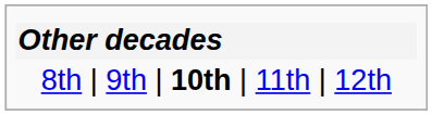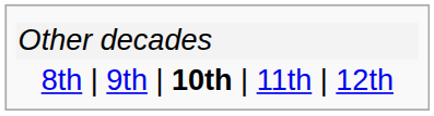 <table class="infobox" width=230>
 <tr>
 <td></td>
 </tr>
 <tr style="background-color:#f3f3f3">
-<td><strong><em>Other decades</em></strong></td>
+<td><em>Other decades</em></td>
 </tr>
 <tr>
 <td align="center"><a href='#'>8th</a> | <a href='#'>9th</a> | <strong>10th</strong> | <a href='#'>11th</a> | <a href='#'>12th</a></td>
 </tr>
 </table>
